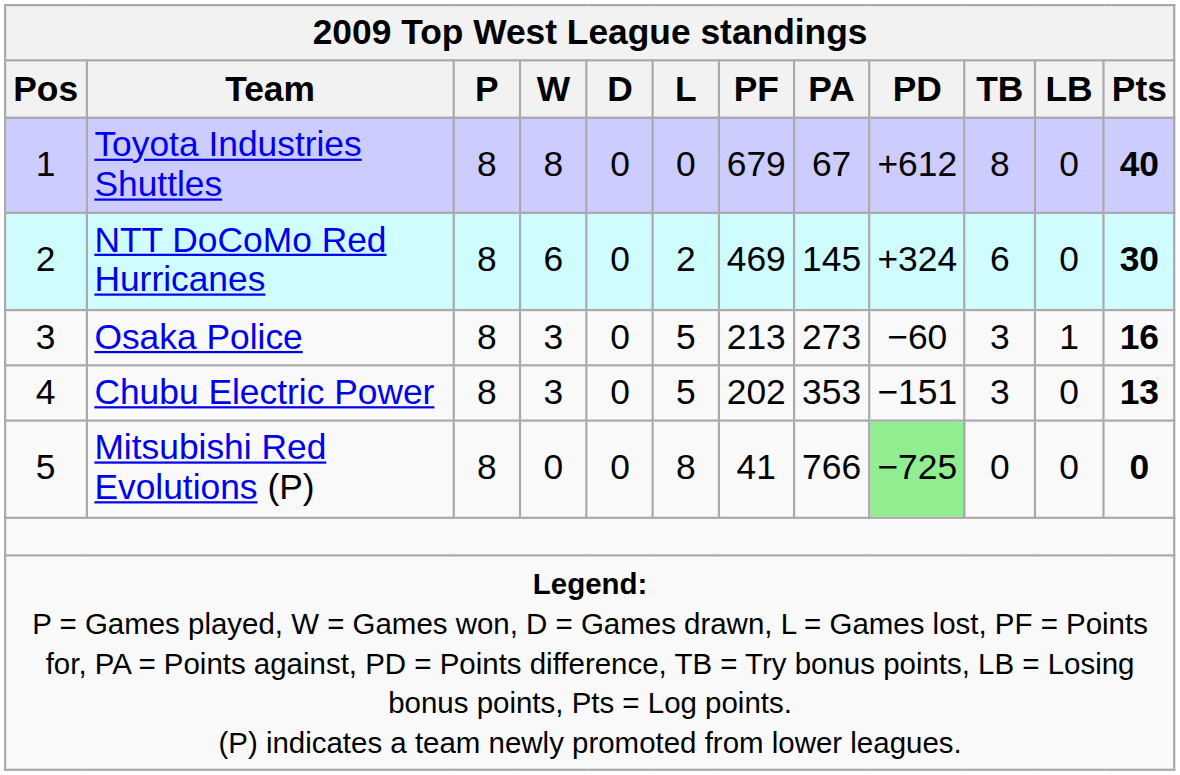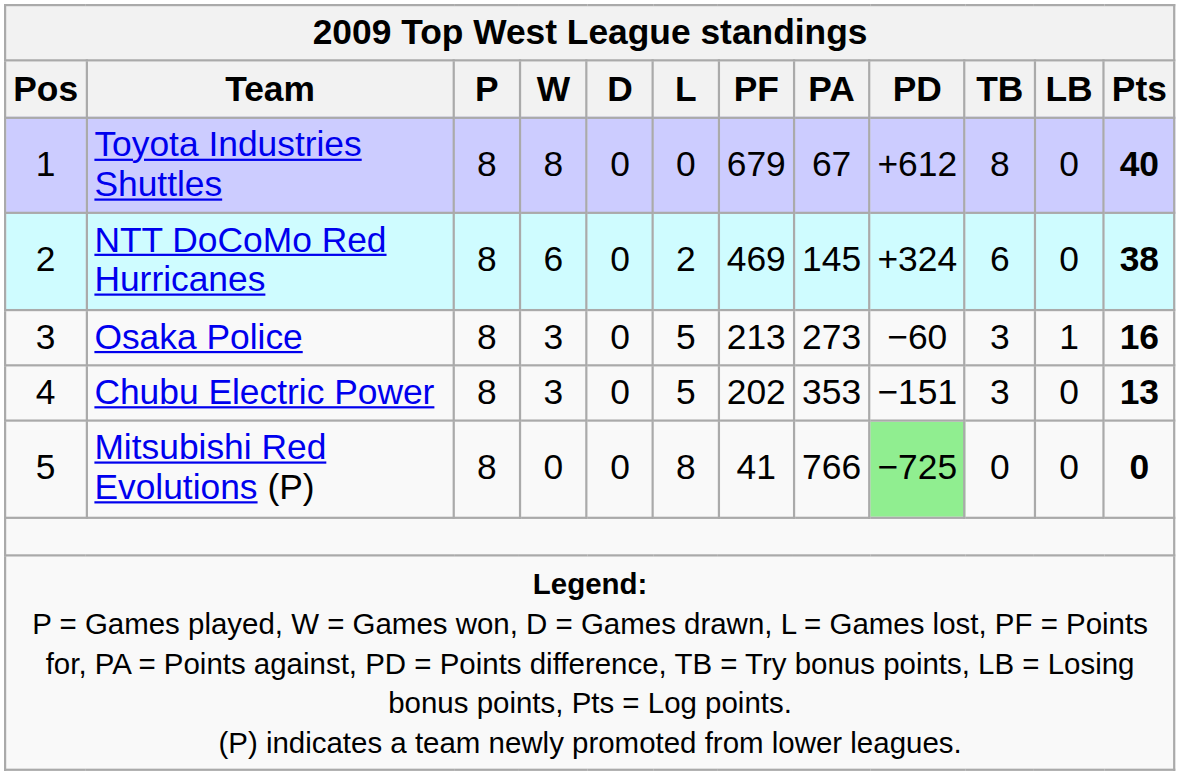 <table class="wikitable" style="text-align:center; font-size:100%; width:60%;">
 <tr>
 <th colspan="100%" cellpadding="0" cellspacing="0"><strong>2009 Top West League standings</strong></th>
 </tr>
 <tr>
 <th style="width:6%;">Pos</th>
 <th style="width:34%;">Team</th>
 <th style="width:6%;">P</th>
 <th style="width:6%;">W</th>
 <th style="width:6%;">D</th>
 <th style="width:6%;">L</th>
 <th style="width:6%;">PF</th>
 <th style="width:6%;">PA</th>
 <th style="width:6%;">PD</th>
 <th style="width:6%;">TB</th>
 <th style="width:6%;">LB</th>
 <th style="width:6%;">Pts<br></th>
 </tr>
 <tr style="background:#CCCCFF;">
 <td>1</td>
 <td style="text-align:left;"><a href='#'>Toyota Industries Shuttles</a></td>
 <td>8</td>
 <td>8</td>
 <td>0</td>
 <td>0</td>
 <td>679</td>
 <td>67</td>
 <td>+612</td>
 <td>8</td>
 <td>0</td>
 <td><strong>40</strong></td>
 </tr>
 <tr style="background:#CFFCFF;">
 <td>2</td>
 <td style="text-align:left;"><a href='#'>NTT DoCoMo Red Hurricanes</a></td>
 <td>8</td>
 <td>6</td>
 <td>0</td>
 <td>2</td>
 <td>469</td>
 <td>145</td>
 <td>+324</td>
 <td>6</td>
 <td>0</td>
-<td><strong>30</strong></td>
+<td><strong>38</strong></td>
 </tr>
 <tr>
 <td>3</td>
 <td style="text-align:left;"><a href='#'>Osaka Police</a></td>
 <td>8</td>
 <td>3</td>
 <td>0</td>
 <td>5</td>
 <td>213</td>
 <td>273</td>
 <td>−60</td>
 <td>3</td>
 <td>1</td>
 <td><strong>16</strong></td>
 </tr>
 <tr>
 <td>4</td>
 <td style="text-align:left;"><a href='#'>Chubu Electric Power</a></td>
 <td>8</td>
 <td>3</td>
 <td>0</td>
 <td>5</td>
 <td>202</td>
 <td>353</td>
 <td>−151</td>
 <td>3</td>
 <td>0</td>
 <td><strong>13</strong></td>
 </tr>
 <tr>
 <td>5</td>
 <td style="text-align:left;"><a href='#'>Mitsubishi Red Evolutions</a> (P)</td>
 <td>8</td>
 <td>0</td>
 <td>0</td>
 <td>8</td>
 <td>41</td>
 <td>766</td>
 <td style="background: lightgreen;">−725</td>
 <td>0</td>
 <td>0</td>
 <td><strong>0</strong></td>
 </tr>
 <tr>
 <td colspan="100%" style="height:10px;"></td>
 </tr>
 <tr>
 <td colspan="100%"><small><strong>Legend:</strong> <br> P = Games played, W = Games won, D = Games drawn, L = Games lost, PF = Points for, PA = Points against, PD = Points difference, TB = Try bonus points, LB = Losing bonus points, Pts = Log points. <br> (P) indicates a team newly promoted from lower leagues.</small></td>
 </tr>
 </table>
